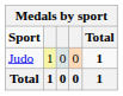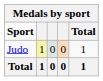 <table class="wikitable" border="1" ; style="float:right">
 <tr>
 <th colspan=5>Medals by sport</th>
 </tr>
 <tr align=center>
 <td><strong>Sport</strong></td>
 <th bgcolor=#f7f6a8></th>
 <th bgcolor=#dce5e5></th>
 <th bgcolor=#ffdab9></th>
 <th>Total</th>
 </tr>
 <tr align=center>
 <td align=left><a href='#'>Judo</a></td>
 <td bgcolor=#f7f6a8>1</td>
 <td bgcolor=#dce5e5>0</td>
 <td bgcolor=#ffdab9>0</td>
-<td><strong>1</strong></td>
+<td>1</td>
 </tr>
 <tr align=center>
 <th bgcolor=#efefef>Total</th>
 <th bgcolor=#f7f6a8>1</th>
 <th bgcolor=#dce5e5>0</th>
 <th bgcolor=#ffdab9>0</th>
 <th>1</th>
 </tr>
 </table>
